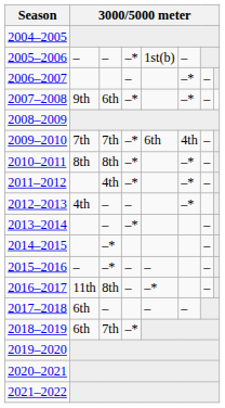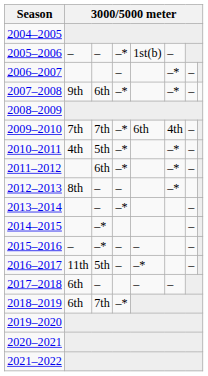 <table class="wikitable" style="display: inline-table;">
 <tr>
 <th>Season</th>
 <th colspan="8">3000/5000 meter</th>
 </tr>
 <tr>
 <td><a href='#'>2004–2005</a></td>
 <td colspan="7" bgcolor=#EEEEEE></td>
 </tr>
 <tr>
 <td><a href='#'>2005–2006</a></td>
 <td>–</td>
 <td>–</td>
 <td>–*</td>
 <td>1st(b)</td>
 <td>–</td>
 <td colspan="2" bgcolor=#EEEEEE></td>
 </tr>
 <tr>
 <td><a href='#'>2006–2007</a></td>
 <td></td>
 <td></td>
 <td>–</td>
 <td></td>
 <td>–*</td>
 <td>–</td>
 <td colspan="2" bgcolor=#EEEEEE></td>
 </tr>
 <tr>
 <td><a href='#'>2007–2008</a></td>
 <td>9th</td>
 <td>6th</td>
 <td>–*</td>
 <td></td>
 <td>–*</td>
 <td>–</td>
 <td></td>
 </tr>
 <tr>
 <td><a href='#'>2008–2009</a></td>
 <td colspan="7" bgcolor=#EEEEEE></td>
 </tr>
 <tr>
 <td><a href='#'>2009–2010</a></td>
 <td>7th</td>
 <td>7th</td>
 <td>–*</td>
 <td>6th</td>
 <td>4th</td>
 <td>–</td>
 <td colspan="2" bgcolor=#EEEEEE></td>
 </tr>
 <tr>
 <td><a href='#'>2010–2011</a></td>
-<td>8th</td>
-<td>8th</td>
+<td>4th</td>
+<td>5th</td>
 <td>–*</td>
 <td></td>
 <td>–*</td>
 <td>–</td>
 <td colspan="2" bgcolor=#EEEEEE></td>
 </tr>
 <tr>
 <td><a href='#'>2011–2012</a></td>
 <td></td>
-<td>4th</td>
+<td>6th</td>
 <td>–*</td>
 <td></td>
 <td>–*</td>
 <td>–</td>
 <td colspan="2" bgcolor=#EEEEEE></td>
 </tr>
 <tr>
 <td><a href='#'>2012–2013</a></td>
-<td>4th</td>
+<td>8th</td>
 <td>–</td>
 <td>–</td>
 <td></td>
 <td>–*</td>
 <td></td>
 <td colspan="1" bgcolor=#EEEEEE></td>
 </tr>
 <tr>
 <td><a href='#'>2013–2014</a></td>
 <td></td>
 <td>–</td>
 <td>–*</td>
 <td></td>
 <td></td>
 <td>–</td>
 <td colspan="2" bgcolor=#EEEEEE></td>
 </tr>
 <tr>
 <td><a href='#'>2014–2015</a></td>
 <td></td>
 <td>–*</td>
 <td></td>
 <td></td>
 <td></td>
 <td>–</td>
 <td colspan="2" bgcolor=#EEEEEE></td>
 </tr>
 <tr>
 <td><a href='#'>2015–2016</a></td>
 <td>–</td>
 <td>–*</td>
 <td>–</td>
 <td>–</td>
 <td></td>
 <td>–</td>
 <td colspan="2" bgcolor=#EEEEEE></td>
 </tr>
 <tr>
 <td><a href='#'>2016–2017</a></td>
 <td>11th</td>
-<td>8th</td>
+<td>5th</td>
 <td>–</td>
 <td>–*</td>
 <td></td>
 <td>–</td>
 <td colspan="2" bgcolor=#EEEEEE></td>
 </tr>
 <tr>
 <td><a href='#'>2017–2018</a></td>
 <td>6th</td>
 <td>–</td>
 <td></td>
 <td>–</td>
 <td>–</td>
 <td colspan="2" bgcolor=#EEEEEE></td>
 </tr>
 <tr>
 <td><a href='#'>2018–2019</a></td>
 <td>6th</td>
 <td>7th</td>
 <td>–*</td>
 <td colspan="4" bgcolor=#EEEEEE></td>
 </tr>
 <tr>
 <td><a href='#'>2019–2020</a></td>
 <td colspan="7" bgcolor=#EEEEEE></td>
 </tr>
 <tr>
 <td><a href='#'>2020–2021</a></td>
 <td colspan="7" bgcolor=#EEEEEE></td>
 </tr>
 <tr>
 <td><a href='#'>2021–2022</a></td>
 <td colspan="7" bgcolor=#EEEEEE></td>
 </tr>
 </table>
